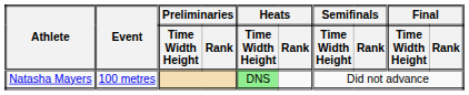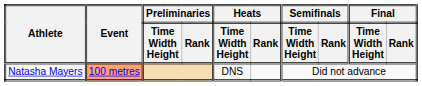 <table class=wikitable style="font-size:90%; border: double;">
 <tr>
 <th rowspan="2" style="border-right:double">Athlete</th>
 <th rowspan="2" style="border-right:double">Event</th>
 <th colspan="2" style="border-right:double; border-bottom:double;">Preliminaries</th>
 <th colspan="2" style="border-right:double; border-bottom:double;">Heats</th>
 <th colspan="2" style="border-right:double; border-bottom:double;">Semifinals</th>
 <th colspan="2" style="border-right:double; border-bottom:double;">Final</th>
 </tr>
 <tr>
 <th>Time<br>Width<br>Height</th>
 <th style="border-right:double">Rank</th>
 <th>Time<br>Width<br>Height</th>
 <th style="border-right:double">Rank</th>
 <th>Time<br>Width<br>Height</th>
 <th style="border-right:double">Rank</th>
 <th>Time<br>Width<br>Height</th>
 <th style="border-right:double">Rank</th>
 </tr>
 <tr style="border-top: double;">
 <td style="border-right:double"><a href='#'>Natasha Mayers</a></td>
-<td style="border-right:double"><a href='#'>100 metres</a></td>
+<td style="background: lightsalmon; border-right:double"><a href='#'>100 metres</a></td>
 <td style="border-right:double" colspan= 2 bgcolor="wheat"></td>
-<td align=center style="background: lightgreen;">DNS</td>
+<td align=center>DNS</td>
 <td align=center style="border-right:double"></td>
 <td colspan="4" align=center>Did not advance</td>
 </tr>
 </table>
